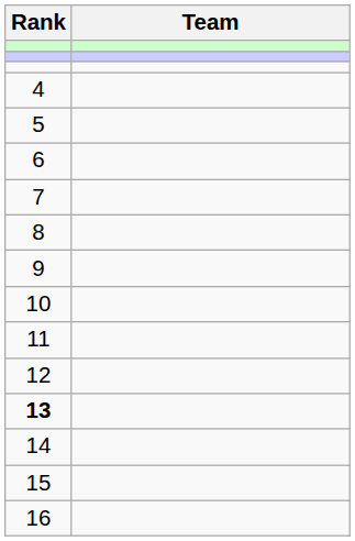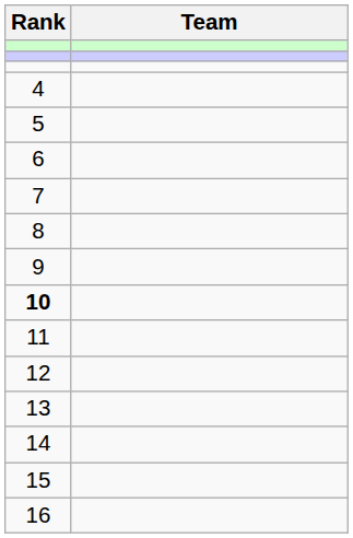 <table class="wikitable" style="text-align: center;">
 <tr>
 <th width=40>Rank</th>
 <th width=190>Team</th>
 </tr>
 <tr bgcolor=ccffcc>
 <td></td>
 <td align=left></td>
 </tr>
 <tr bgcolor=ccccff>
 <td></td>
 <td align=left></td>
 </tr>
 <tr>
 <td></td>
 <td align=left></td>
 </tr>
 <tr>
 <td>4</td>
 <td align=left></td>
 </tr>
 <tr>
 <td>5</td>
 <td align=left></td>
 </tr>
 <tr>
 <td>6</td>
 <td align=left></td>
 </tr>
 <tr>
 <td>7</td>
 <td align=left></td>
 </tr>
 <tr>
 <td>8</td>
 <td align=left></td>
 </tr>
 <tr>
 <td>9</td>
 <td align=left></td>
 </tr>
 <tr>
-<td>10</td>
+<td><strong>10</strong></td>
 <td align=left></td>
 </tr>
 <tr>
 <td>11</td>
 <td align=left></td>
 </tr>
 <tr>
 <td>12</td>
 <td align=left></td>
 </tr>
 <tr>
-<td><strong>13</strong></td>
+<td>13</td>
 <td align=left></td>
 </tr>
 <tr>
 <td>14</td>
 <td align=left></td>
 </tr>
 <tr>
 <td>15</td>
 <td align=left></td>
 </tr>
 <tr>
 <td>16</td>
 <td align=left></td>
 </tr>
 </table>
